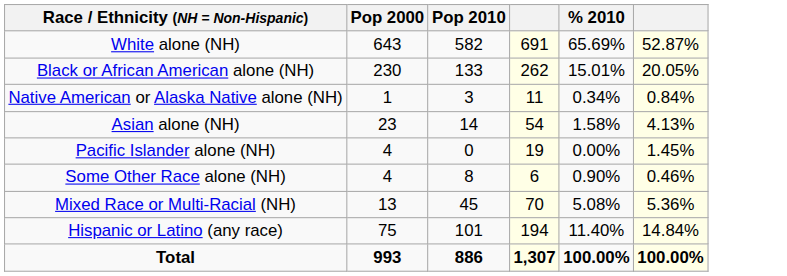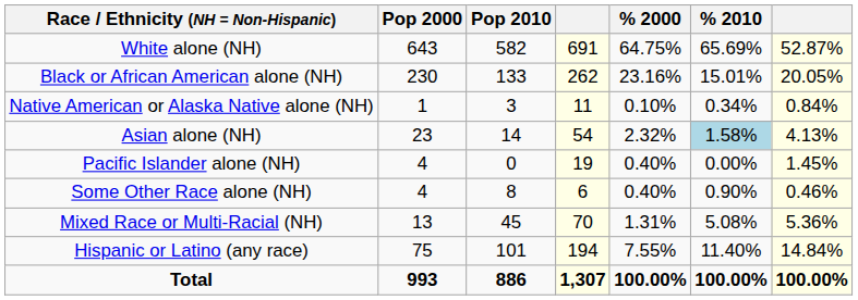 <table class="wikitable" style="text-align:center;">
 <tr>
 <th>Race / Ethnicity <small>(<em>NH = Non-Hispanic</em>)</small></th>
 <th>Pop 2000</th>
 <th>Pop 2010</th>
 <th></th>
+<th>% 2000</th>
 <th>% 2010</th>
 <th></th>
 </tr>
 <tr>
 <td><a href='#'>White</a> alone (NH)</td>
 <td>643</td>
 <td>582</td>
 <td style='background: #ffffe6;'>691</td>
+<td>64.75%</td>
 <td>65.69%</td>
 <td style='background: #ffffe6;'>52.87%</td>
 </tr>
 <tr>
 <td><a href='#'>Black or African American</a> alone (NH)</td>
 <td>230</td>
 <td>133</td>
 <td style='background: #ffffe6;'>262</td>
+<td>23.16%</td>
 <td>15.01%</td>
 <td style='background: #ffffe6;'>20.05%</td>
 </tr>
 <tr>
 <td><a href='#'>Native American</a> or <a href='#'>Alaska Native</a> alone (NH)</td>
 <td>1</td>
 <td>3</td>
 <td style='background: #ffffe6;'>11</td>
+<td>0.10%</td>
 <td>0.34%</td>
 <td style='background: #ffffe6;'>0.84%</td>
 </tr>
 <tr>
 <td><a href='#'>Asian</a> alone (NH)</td>
 <td>23</td>
 <td>14</td>
 <td style='background: #ffffe6;'>54</td>
-<td>1.58%</td>
+<td>2.32%</td>
+<td style="background: lightblue;">1.58%</td>
 <td style='background: #ffffe6;'>4.13%</td>
 </tr>
 <tr>
 <td><a href='#'>Pacific Islander</a> alone (NH)</td>
 <td>4</td>
 <td>0</td>
 <td style='background: #ffffe6;'>19</td>
+<td>0.40%</td>
 <td>0.00%</td>
 <td style='background: #ffffe6;'>1.45%</td>
 </tr>
 <tr>
 <td><a href='#'>Some Other Race</a> alone (NH)</td>
 <td>4</td>
 <td>8</td>
 <td style='background: #ffffe6;'>6</td>
+<td>0.40%</td>
 <td>0.90%</td>
 <td style='background: #ffffe6;'>0.46%</td>
 </tr>
 <tr>
 <td><a href='#'>Mixed Race or Multi-Racial</a> (NH)</td>
 <td>13</td>
 <td>45</td>
 <td style='background: #ffffe6;'>70</td>
+<td>1.31%</td>
 <td>5.08%</td>
 <td style='background: #ffffe6;'>5.36%</td>
 </tr>
 <tr>
 <td><a href='#'>Hispanic or Latino</a> (any race)</td>
 <td>75</td>
 <td>101</td>
 <td style='background: #ffffe6;'>194</td>
+<td>7.55%</td>
 <td>11.40%</td>
 <td style='background: #ffffe6;'>14.84%</td>
 </tr>
 <tr>
 <td><strong>Total</strong></td>
 <td><strong>993</strong></td>
 <td><strong>886</strong></td>
 <td style='background: #ffffe6;'><strong>1,307</strong></td>
 <td><strong>100.00%</strong></td>
+<td><strong>100.00%</strong></td>
 <td style='background: #ffffe6;'><strong>100.00%</strong></td>
 </tr>
 </table>
